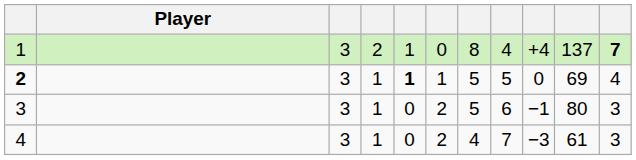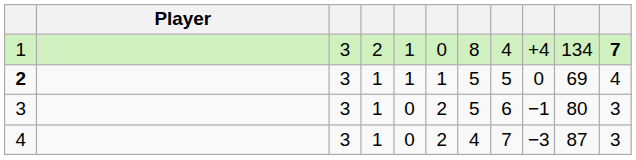 <table class="wikitable" style="text-align:center; margin: 1em auto 1em auto, align:left">
 <tr>
 <th width=20></th>
 <th width=240>Player</th>
 <th width=20></th>
 <th width=20></th>
 <th width=20></th>
 <th width=20></th>
 <th width=20></th>
 <th width=20></th>
 <th width=20></th>
 <th width=30></th>
 <th width=20></th>
 </tr>
 <tr style="background:#D0F0C0;">
 <td>1</td>
 <td align=left></td>
 <td>3</td>
 <td>2</td>
 <td>1</td>
 <td>0</td>
 <td>8</td>
 <td>4</td>
 <td>+4</td>
-<td>137</td>
+<td>134</td>
 <td><strong>7</strong></td>
 </tr>
 <tr style=>
 <td><strong>2</strong></td>
 <td align=left></td>
 <td>3</td>
 <td>1</td>
-<td><strong>1</strong></td>
+<td>1</td>
 <td>1</td>
 <td>5</td>
 <td>5</td>
 <td>0</td>
 <td>69</td>
 <td>4</td>
 </tr>
 <tr style=>
 <td>3</td>
 <td align=left></td>
 <td>3</td>
 <td>1</td>
 <td>0</td>
 <td>2</td>
 <td>5</td>
 <td>6</td>
 <td>−1</td>
 <td>80</td>
 <td>3</td>
 </tr>
 <tr style=>
 <td>4</td>
 <td align=left></td>
 <td>3</td>
 <td>1</td>
 <td>0</td>
 <td>2</td>
 <td>4</td>
 <td>7</td>
 <td>−3</td>
-<td>61</td>
+<td>87</td>
 <td>3</td>
 </tr>
 </table>
